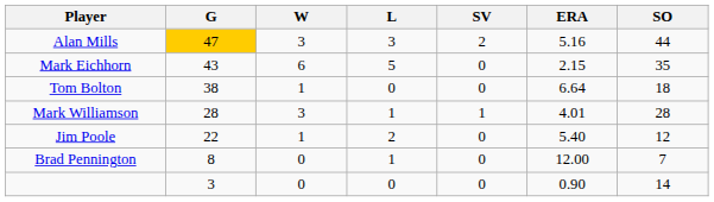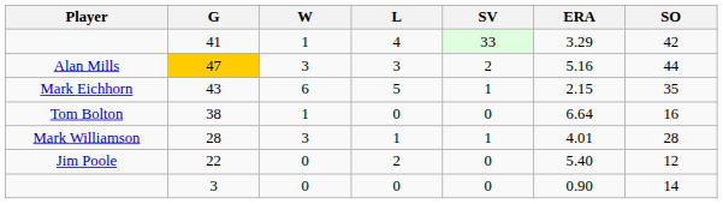 <table class="wikitable sortable">
 <tr>
 <th bgcolor="#DDDDFF" width="16%">Player</th>
 <th bgcolor="#DDDDFF" width="9%">G</th>
 <th bgcolor="#DDDDFF" width="9%">W</th>
 <th bgcolor="#DDDDFF" width="9%">L</th>
 <th bgcolor="#DDDDFF" width="9%">SV</th>
 <th bgcolor="#DDDDFF" width="9%">ERA</th>
 <th bgcolor="#DDDDFF" width="9%">SO</th>
+</tr>
+<tr align="center">
+<td></td>
+<td>41</td>
+<td>1</td>
+<td>4</td>
+<td style="background:#DDFFDD;">33</td>
+<td>3.29</td>
+<td>42</td>
 </tr>
 <tr align=center>
 <td><a href='#'>Alan Mills</a></td>
 <td style="background:#fc0;">47</td>
 <td>3</td>
 <td>3</td>
 <td>2</td>
 <td>5.16</td>
 <td>44</td>
 </tr>
 <tr align=center>
 <td><a href='#'>Mark Eichhorn</a></td>
 <td>43</td>
 <td>6</td>
 <td>5</td>
-<td>0</td>
+<td>1</td>
 <td>2.15</td>
 <td>35</td>
 </tr>
 <tr align="center">
 <td><a href='#'>Tom Bolton</a></td>
 <td>38</td>
 <td>1</td>
 <td>0</td>
 <td>0</td>
 <td>6.64</td>
-<td>18</td>
+<td>16</td>
 </tr>
 <tr align=center>
 <td><a href='#'>Mark Williamson</a></td>
 <td>28</td>
 <td>3</td>
 <td>1</td>
 <td>1</td>
 <td>4.01</td>
 <td>28</td>
 </tr>
 <tr align=center>
 <td><a href='#'>Jim Poole</a></td>
 <td>22</td>
-<td>1</td>
+<td>0</td>
 <td>2</td>
 <td>0</td>
 <td>5.40</td>
 <td>12</td>
-</tr>
-<tr align=center>
-<td><a href='#'>Brad Pennington</a></td>
-<td>8</td>
-<td>0</td>
-<td>1</td>
-<td>0</td>
-<td>12.00</td>
-<td>7</td>
 </tr>
 <tr align=center>
 <td></td>
 <td>3</td>
 <td>0</td>
 <td>0</td>
 <td>0</td>
 <td>0.90</td>
 <td>14</td>
 </tr>
 </table>
